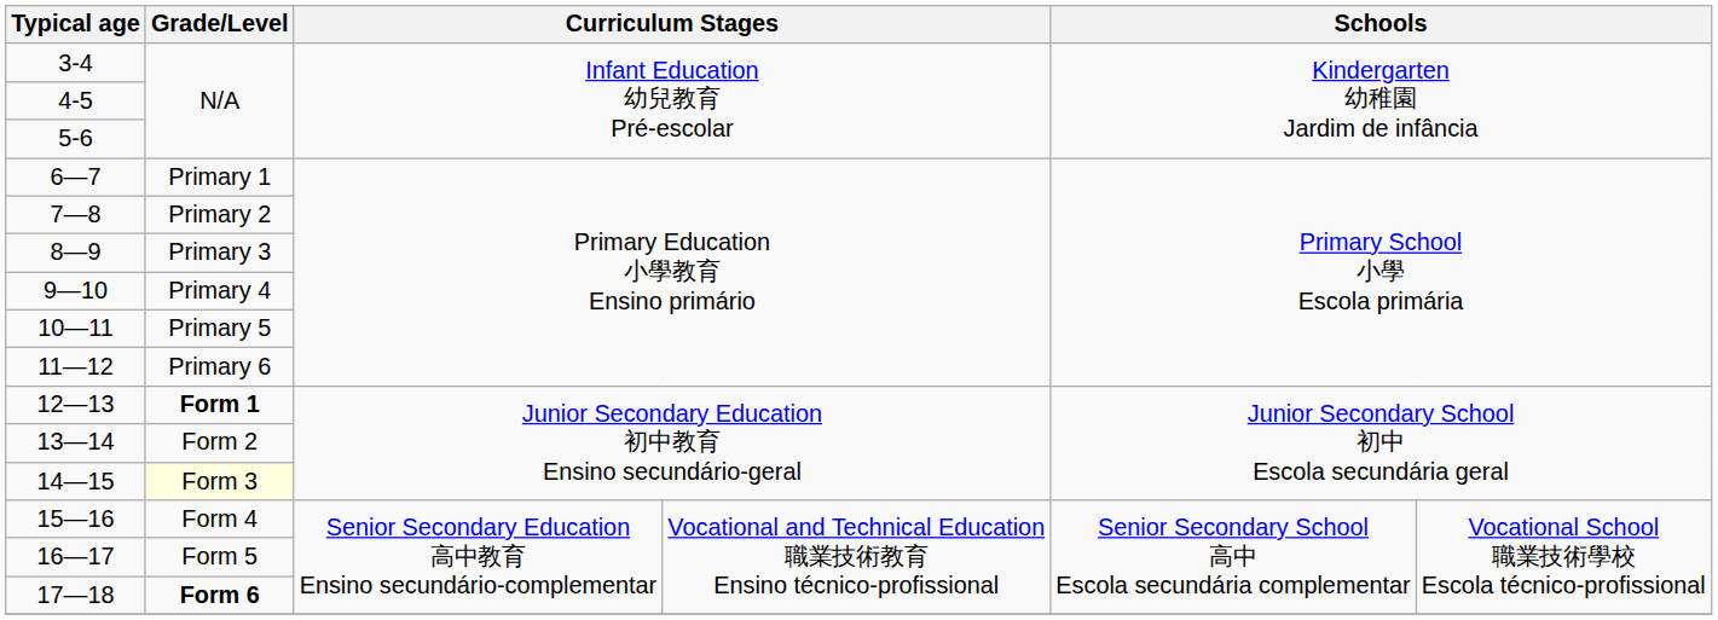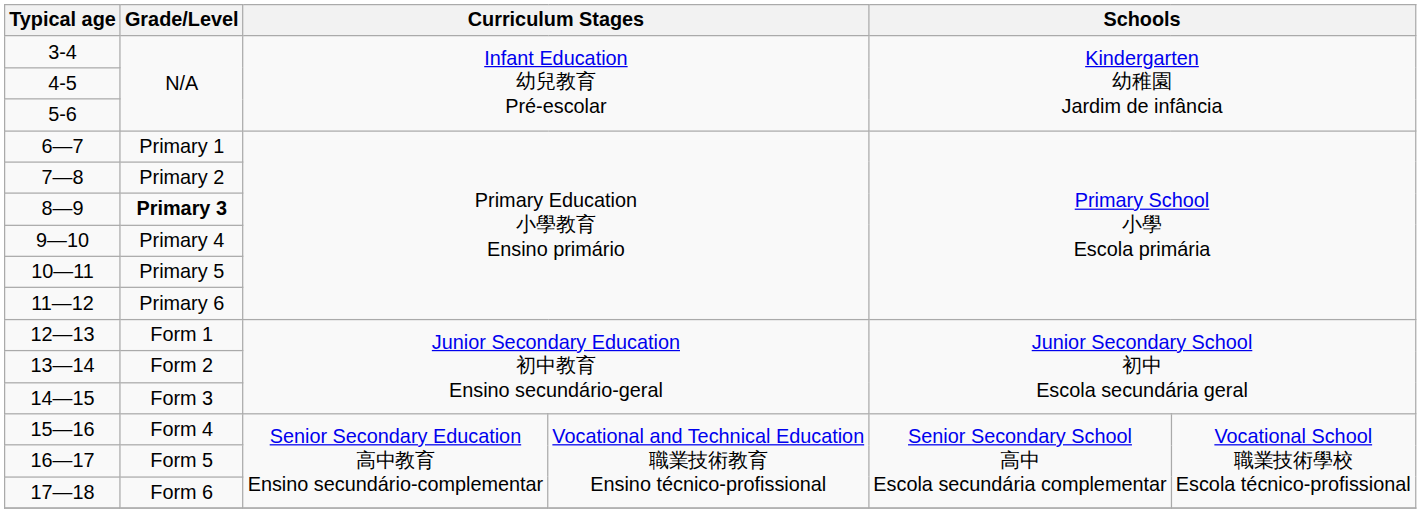 <table class="wikitable" style="text-align:center">
 <tr>
 <th>Typical age</th>
 <th>Grade/Level</th>
 <th colspan=2>Curriculum Stages</th>
 <th colspan=2>Schools</th>
 </tr>
 <tr>
 <td>3-4</td>
 <td rowspan=3>N/A</td>
 <td colspan=2 rowspan=3><a href='#'>Infant Education</a><br>幼兒教育<br>Pré-escolar</td>
 <td colspan=2 rowspan=3><a href='#'>Kindergarten</a><br>幼稚園<br>Jardim de infância</td>
 </tr>
 <tr>
 <td>4-5</td>
 </tr>
 <tr>
 <td>5-6</td>
 </tr>
 <tr>
 <td>6—7</td>
 <td>Primary 1</td>
 <td colspan=2 rowspan=6>Primary Education<br>小學教育<br>Ensino primário</td>
 <td colspan=2 rowspan=6><a href='#'>Primary School</a><br>小學<br>Escola primária</td>
 </tr>
 <tr>
 <td>7—8</td>
 <td>Primary 2</td>
 </tr>
 <tr>
 <td>8—9</td>
-<td>Primary 3</td>
+<td><strong>Primary 3</strong></td>
 </tr>
 <tr>
 <td>9—10</td>
 <td>Primary 4</td>
 </tr>
 <tr>
 <td>10—11</td>
 <td>Primary 5</td>
 </tr>
 <tr>
 <td>11—12</td>
 <td>Primary 6</td>
 </tr>
 <tr>
 <td>12—13</td>
-<td><strong>Form 1</strong></td>
+<td>Form 1</td>
 <td colspan=2 rowspan=3><a href='#'>Junior Secondary Education</a><br>初中教育<br>Ensino secundário-geral</td>
 <td colspan=2 rowspan=3><a href='#'>Junior Secondary School</a><br>初中<br>Escola secundária geral</td>
 </tr>
 <tr>
 <td>13—14</td>
 <td>Form 2</td>
 </tr>
 <tr>
 <td>14—15</td>
-<td style="background: lightyellow;">Form 3</td>
+<td>Form 3</td>
 </tr>
 <tr>
 <td>15—16</td>
 <td>Form 4</td>
 <td rowspan=3><a href='#'>Senior Secondary Education</a><br>高中教育<br>Ensino secundário-complementar</td>
 <td rowspan=3><a href='#'>Vocational and Technical Education</a><br>職業技術教育<br>Ensino técnico-profissional</td>
 <td rowspan=3><a href='#'>Senior Secondary School</a><br>高中<br>Escola secundária complementar</td>
 <td rowspan=3><a href='#'>Vocational School</a><br>職業技術學校<br>Escola técnico-profissional</td>
 </tr>
 <tr>
 <td>16—17</td>
 <td>Form 5</td>
 </tr>
 <tr>
 <td>17—18</td>
-<td><strong>Form 6</strong></td>
+<td>Form 6</td>
 </tr>
 <tr>
 </tr>
 </table>
